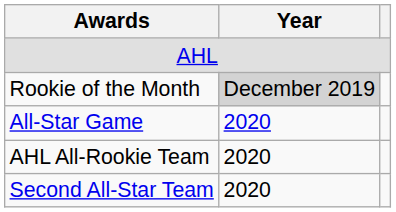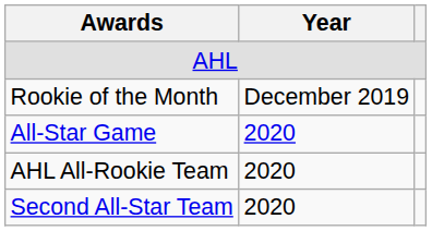 <table class="wikitable">
 <tr>
 <th>Awards</th>
 <th>Year</th>
 <th></th>
 </tr>
 <tr ALIGN="center" bgcolor="#e0e0e0">
 <td colspan="3"><a href='#'>AHL</a></td>
 </tr>
 <tr>
 <td>Rookie of the Month</td>
-<td style="background: lightgrey;">December 2019</td>
+<td>December 2019</td>
 <td></td>
 </tr>
 <tr>
 <td><a href='#'>All-Star Game</a></td>
 <td><a href='#'>2020</a></td>
 <td></td>
 </tr>
 <tr>
 <td>AHL All-Rookie Team</td>
 <td>2020</td>
 <td></td>
 </tr>
 <tr>
 <td><a href='#'>Second All-Star Team</a></td>
 <td>2020</td>
 <td></td>
 </tr>
 </table>
